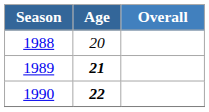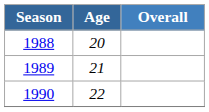 <table class="wikitable" style="font-size:95%; text-align:center; border:grey solid 1px; border-collapse:collapse; background:#ffffff;">
 <tr>
 <th style="background-color:#369; color:white; width:60px;"> Season </th>
 <th style="background-color:#369; color:white; width:40px;"> Age </th>
 <th style="background-color:#4180be; color:white; width:75px;">Overall</th>
 </tr>
 <tr>
 <td><a href='#'>1988</a></td>
 <td><em>20</em></td>
 <td></td>
 </tr>
 <tr>
 <td><a href='#'>1989</a></td>
-<td><strong><em>21</em></strong></td>
+<td><em>21</em></td>
 <td></td>
 </tr>
 <tr>
 <td><a href='#'>1990</a></td>
-<td><strong><em>22</em></strong></td>
+<td><em>22</em></td>
 <td></td>
 </tr>
 <tr>
 </tr>
 </table>
